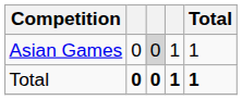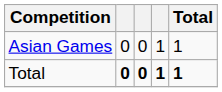 <table class="wikitable sortable">
 <tr>
 <th>Competition</th>
 <th></th>
 <th></th>
 <th></th>
 <th>Total</th>
 </tr>
 <tr>
 <td><a href='#'>Asian Games</a></td>
 <td>0</td>
-<td style="background: lightgrey;">0</td>
+<td>0</td>
 <td>1</td>
 <td>1</td>
 </tr>
 <tr>
 <td>Total</td>
 <td><strong>0</strong></td>
 <td><strong>0</strong></td>
 <td><strong>1</strong></td>
 <td><strong>1</strong></td>
 </tr>
 <tr>
 </tr>
 </table>
